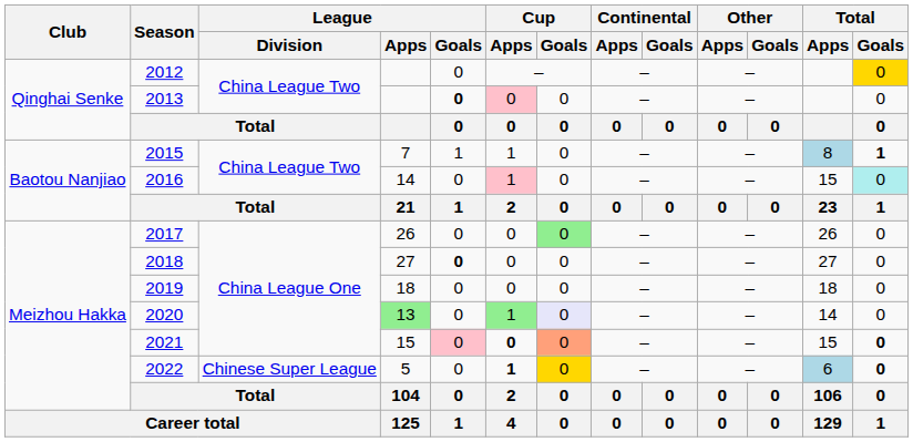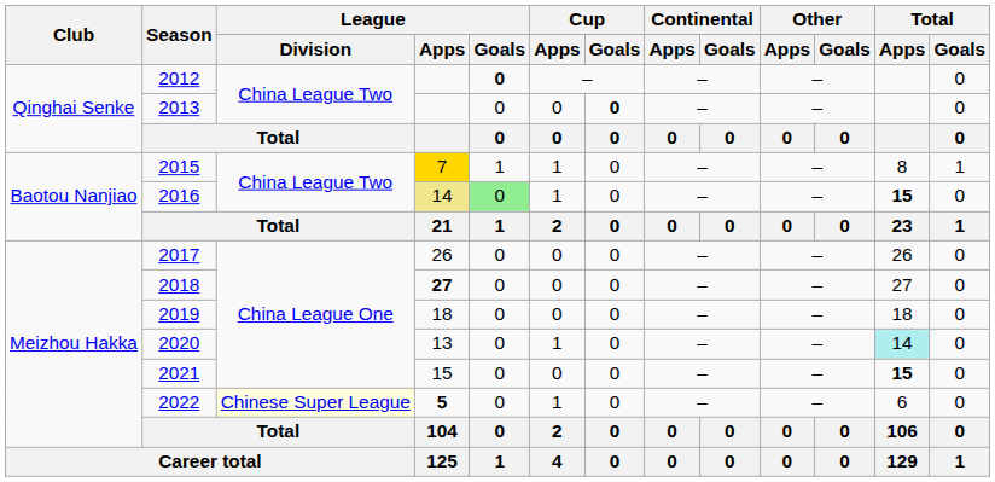 <table class="wikitable" style="text-align: center">
 <tr>
 <th rowspan="2">Club</th>
 <th rowspan="2">Season</th>
 <th colspan="3">League</th>
 <th colspan="2">Cup</th>
 <th colspan="2">Continental</th>
 <th colspan="2">Other</th>
 <th colspan="2">Total</th>
 </tr>
 <tr>
 <th>Division</th>
 <th>Apps</th>
 <th>Goals</th>
 <th>Apps</th>
 <th>Goals</th>
 <th>Apps</th>
 <th>Goals</th>
 <th>Apps</th>
 <th>Goals</th>
 <th>Apps</th>
 <th>Goals</th>
 </tr>
 <tr>
 <td rowspan="3"><a href='#'>Qinghai Senke</a></td>
 <td><a href='#'>2012</a></td>
 <td rowspan="2"><a href='#'>China League Two</a></td>
 <td></td>
-<td>0</td>
+<td><strong>0</strong></td>
 <td colspan="2">–</td>
 <td colspan="2">–</td>
 <td colspan="2">–</td>
 <td></td>
-<td style="background: gold;">0</td>
+<td>0</td>
 </tr>
 <tr>
 <td><a href='#'>2013</a></td>
 <td></td>
+<td>0</td>
+<td>0</td>
 <td><strong>0</strong></td>
-<td style="background: pink;">0</td>
-<td>0</td>
 <td colspan="2">–</td>
 <td colspan="2">–</td>
 <td></td>
 <td>0</td>
 </tr>
 <tr>
 <th colspan=2>Total</th>
 <th></th>
 <th>0</th>
 <th>0</th>
 <th>0</th>
 <th>0</th>
 <th>0</th>
 <th>0</th>
 <th>0</th>
 <th></th>
 <th>0</th>
 </tr>
 <tr>
 <td rowspan="3"><a href='#'>Baotou Nanjiao</a></td>
 <td><a href='#'>2015</a></td>
 <td rowspan="2"><a href='#'>China League Two</a></td>
-<td>7</td>
+<td style="background: gold;">7</td>
 <td>1</td>
 <td>1</td>
 <td>0</td>
 <td colspan="2">–</td>
 <td colspan="2">–</td>
-<td style="background: lightblue;">8</td>
-<td><strong>1</strong></td>
+<td>8</td>
+<td>1</td>
 </tr>
 <tr>
 <td><a href='#'>2016</a></td>
-<td>14</td>
-<td>0</td>
-<td style="background: pink;">1</td>
+<td style="background: khaki;">14</td>
+<td style="background: lightgreen;">0</td>
+<td>1</td>
 <td>0</td>
 <td colspan="2">–</td>
 <td colspan="2">–</td>
-<td>15</td>
-<td style="background: paleturquoise;">0</td>
+<td><strong>15</strong></td>
+<td>0</td>
 </tr>
 <tr>
 <th colspan=2>Total</th>
 <th>21</th>
 <th>1</th>
 <th>2</th>
 <th>0</th>
 <th>0</th>
 <th>0</th>
 <th>0</th>
 <th>0</th>
 <th>23</th>
 <th>1</th>
 </tr>
 <tr>
 <td rowspan="7"><a href='#'>Meizhou Hakka</a></td>
 <td><a href='#'>2017</a></td>
 <td rowspan="5"><a href='#'>China League One</a></td>
 <td>26</td>
 <td>0</td>
 <td>0</td>
-<td style="background: lightgreen;">0</td>
+<td>0</td>
 <td colspan="2">–</td>
 <td colspan="2">–</td>
 <td>26</td>
 <td>0</td>
 </tr>
 <tr>
 <td><a href='#'>2018</a></td>
-<td>27</td>
-<td><strong>0</strong></td>
+<td><strong>27</strong></td>
+<td>0</td>
 <td>0</td>
 <td>0</td>
 <td colspan="2">–</td>
 <td colspan="2">–</td>
 <td>27</td>
 <td>0</td>
 </tr>
 <tr>
 <td><a href='#'>2019</a></td>
 <td>18</td>
 <td>0</td>
 <td>0</td>
 <td>0</td>
 <td colspan="2">–</td>
 <td colspan="2">–</td>
 <td>18</td>
 <td>0</td>
 </tr>
 <tr>
 <td><a href='#'>2020</a></td>
-<td style="background: lightgreen;">13</td>
+<td>13</td>
 <td>0</td>
-<td style="background: lightgreen;">1</td>
-<td style="background: lavender;">0</td>
+<td>1</td>
+<td>0</td>
 <td colspan="2">–</td>
 <td colspan="2">–</td>
-<td>14</td>
+<td style="background: paleturquoise;">14</td>
 <td>0</td>
 </tr>
 <tr>
 <td><a href='#'>2021</a></td>
 <td>15</td>
-<td style="background: pink;">0</td>
-<td><strong>0</strong></td>
-<td style="background: lightsalmon;">0</td>
+<td>0</td>
+<td>0</td>
+<td>0</td>
 <td colspan="2">–</td>
 <td colspan="2">–</td>
-<td>15</td>
-<td><strong>0</strong></td>
+<td><strong>15</strong></td>
+<td>0</td>
 </tr>
 <tr>
 <td><a href='#'>2022</a></td>
-<td><a href='#'>Chinese Super League</a></td>
-<td>5</td>
+<td style="background: lightyellow;"><a href='#'>Chinese Super League</a></td>
+<td><strong>5</strong></td>
 <td>0</td>
-<td><strong>1</strong></td>
-<td style="background: gold;">0</td>
+<td>1</td>
+<td>0</td>
 <td colspan="2">–</td>
 <td colspan="2">–</td>
-<td style="background: lightblue;">6</td>
-<td><strong>0</strong></td>
+<td>6</td>
+<td>0</td>
 </tr>
 <tr>
 <th colspan=2>Total</th>
 <th>104</th>
 <th>0</th>
 <th>2</th>
 <th>0</th>
 <th>0</th>
 <th>0</th>
 <th>0</th>
 <th>0</th>
 <th>106</th>
 <th>0</th>
 </tr>
 <tr>
 <th colspan=3>Career total</th>
 <th>125</th>
 <th>1</th>
 <th>4</th>
 <th>0</th>
 <th>0</th>
 <th>0</th>
 <th>0</th>
 <th>0</th>
 <th>129</th>
 <th>1</th>
 </tr>
 </table>
